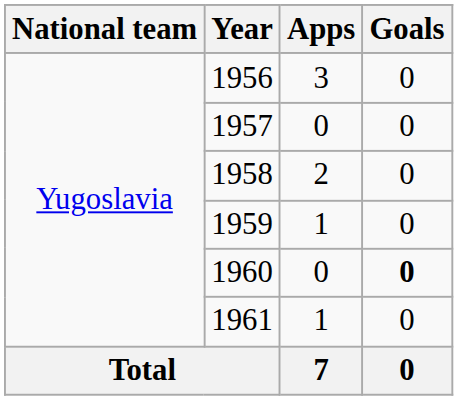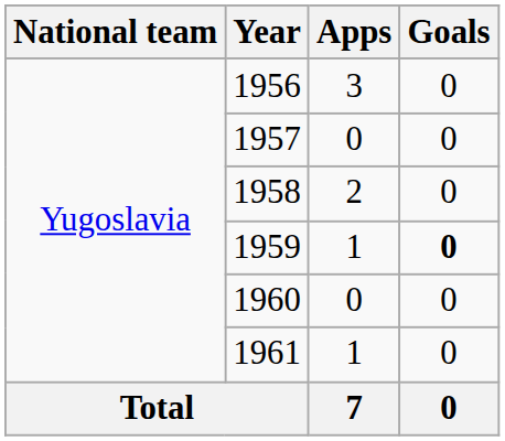 <table class="wikitable" style="text-align:center">
 <tr>
 <th>National team</th>
 <th>Year</th>
 <th>Apps</th>
 <th>Goals</th>
 </tr>
 <tr>
 <td rowspan="6"><a href='#'>Yugoslavia</a></td>
 <td>1956</td>
 <td>3</td>
 <td>0</td>
 </tr>
 <tr>
 <td>1957</td>
 <td>0</td>
 <td>0</td>
 </tr>
 <tr>
 <td>1958</td>
 <td>2</td>
 <td>0</td>
 </tr>
 <tr>
 <td>1959</td>
 <td>1</td>
-<td>0</td>
+<td><strong>0</strong></td>
 </tr>
 <tr>
 <td>1960</td>
 <td>0</td>
-<td><strong>0</strong></td>
+<td>0</td>
 </tr>
 <tr>
 <td>1961</td>
 <td>1</td>
 <td>0</td>
 </tr>
 <tr>
 <th colspan="2">Total</th>
 <th>7</th>
 <th>0</th>
 </tr>
 </table>
